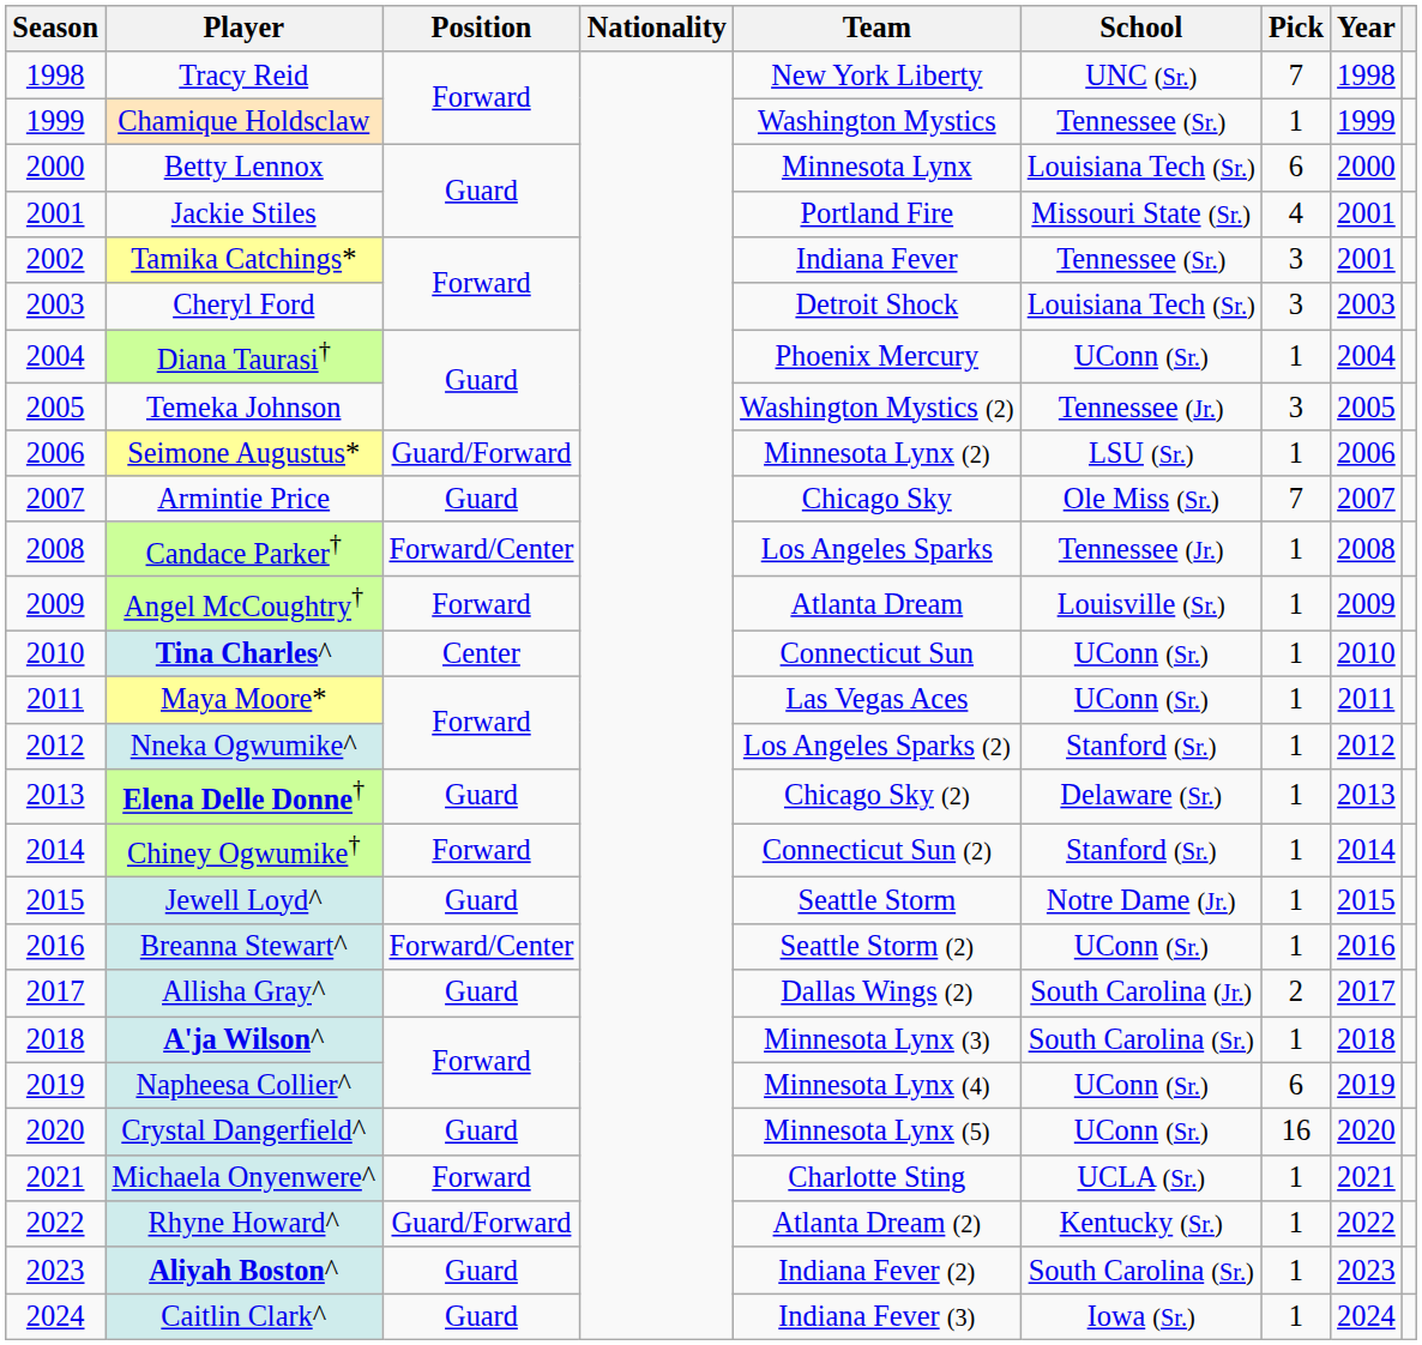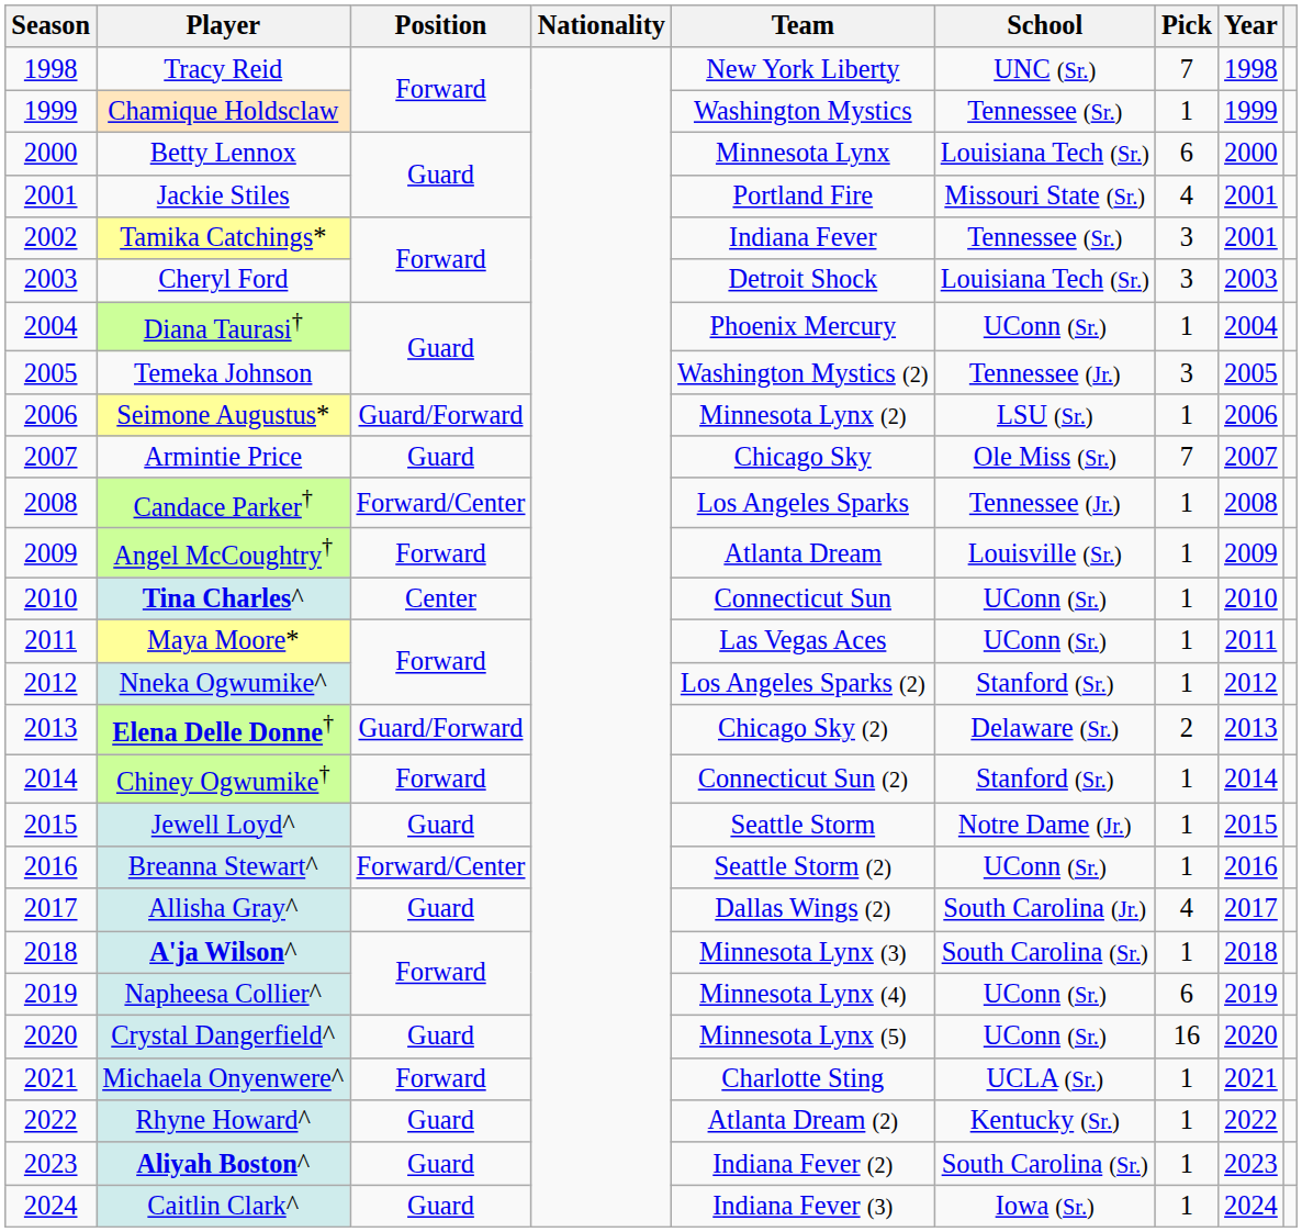 <table class="wikitable plainrowheaders sortable" style="text-align:center;">
 <tr>
 <th scope="col">Season</th>
 <th scope="col">Player</th>
 <th scope="col">Position</th>
 <th scope="col">Nationality</th>
 <th scope="col">Team</th>
 <th scope="col">School</th>
 <th scope="col">Pick</th>
 <th scope="col">Year</th>
 <th scope="col" class="unsortable"></th>
 </tr>
 <tr>
 <td><a href='#'>1998</a></td>
 <td><a href='#'>Tracy Reid</a></td>
 <td rowspan=2><a href='#'>Forward</a></td>
 <td rowspan=27></td>
 <td><a href='#'>New York Liberty</a></td>
 <td><a href='#'>UNC</a> <small>(<a href='#'>Sr.</a>)</small></td>
 <td>7</td>
 <td><a href='#'>1998</a></td>
 <td></td>
 </tr>
 <tr>
 <td><a href='#'>1999</a></td>
 <td style="background-color:#FFE6BD"><a href='#'>Chamique Holdsclaw</a></td>
 <td><a href='#'>Washington Mystics</a></td>
 <td><a href='#'>Tennessee</a> <small>(<a href='#'>Sr.</a>)</small></td>
 <td>1</td>
 <td><a href='#'>1999</a></td>
 <td></td>
 </tr>
 <tr>
 <td><a href='#'>2000</a></td>
 <td><a href='#'>Betty Lennox</a></td>
 <td rowspan=2><a href='#'>Guard</a></td>
 <td><a href='#'>Minnesota Lynx</a></td>
 <td><a href='#'>Louisiana Tech</a> <small>(<a href='#'>Sr.</a>)</small></td>
 <td>6</td>
 <td><a href='#'>2000</a></td>
 <td></td>
 </tr>
 <tr>
 <td><a href='#'>2001</a></td>
 <td><a href='#'>Jackie Stiles</a></td>
 <td><a href='#'>Portland Fire</a></td>
 <td><a href='#'>Missouri State</a> <small>(<a href='#'>Sr.</a>)</small></td>
 <td>4</td>
 <td><a href='#'>2001</a></td>
 <td></td>
 </tr>
 <tr>
 <td><a href='#'>2002</a></td>
 <td style="background-color:#FFFF99"><a href='#'>Tamika Catchings</a>*</td>
 <td rowspan=2><a href='#'>Forward</a></td>
 <td><a href='#'>Indiana Fever</a></td>
 <td><a href='#'>Tennessee</a> <small>(<a href='#'>Sr.</a>)</small></td>
 <td>3</td>
 <td><a href='#'>2001</a></td>
 <td></td>
 </tr>
 <tr>
 <td><a href='#'>2003</a></td>
 <td><a href='#'>Cheryl Ford</a></td>
 <td><a href='#'>Detroit Shock</a></td>
 <td><a href='#'>Louisiana Tech</a> <small>(<a href='#'>Sr.</a>)</small></td>
 <td>3</td>
 <td><a href='#'>2003</a></td>
 <td></td>
 </tr>
 <tr>
 <td><a href='#'>2004</a></td>
 <td style="background-color:#CCFF99"><a href='#'>Diana Taurasi</a><sup>†</sup></td>
 <td rowspan=2><a href='#'>Guard</a></td>
 <td><a href='#'>Phoenix Mercury</a></td>
 <td><a href='#'>UConn</a> <small>(<a href='#'>Sr.</a>)</small></td>
 <td>1</td>
 <td><a href='#'>2004</a></td>
 <td></td>
 </tr>
 <tr>
 <td><a href='#'>2005</a></td>
 <td><a href='#'>Temeka Johnson</a></td>
 <td><a href='#'>Washington Mystics</a>  <small>(2)</small></td>
 <td><a href='#'>Tennessee</a> <small>(<a href='#'>Jr.</a>)</small></td>
 <td>3</td>
 <td><a href='#'>2005</a></td>
 <td></td>
 </tr>
 <tr>
 <td><a href='#'>2006</a></td>
 <td style="background-color:#FFFF99"><a href='#'>Seimone Augustus</a>*</td>
 <td><a href='#'>Guard/Forward</a></td>
 <td><a href='#'>Minnesota Lynx</a>  <small>(2)</small></td>
 <td><a href='#'>LSU</a> <small>(<a href='#'>Sr.</a>)</small></td>
 <td>1</td>
 <td><a href='#'>2006</a></td>
 <td></td>
 </tr>
 <tr>
 <td><a href='#'>2007</a></td>
 <td><a href='#'>Armintie Price</a></td>
 <td><a href='#'>Guard</a></td>
 <td><a href='#'>Chicago Sky</a></td>
 <td><a href='#'>Ole Miss</a> <small>(<a href='#'>Sr.</a>)</small></td>
 <td>7</td>
 <td><a href='#'>2007</a></td>
 <td></td>
 </tr>
 <tr>
 <td><a href='#'>2008</a></td>
 <td style="background-color:#CCFF99"><a href='#'>Candace Parker</a><sup>†</sup></td>
 <td><a href='#'>Forward/Center</a></td>
 <td><a href='#'>Los Angeles Sparks</a></td>
 <td><a href='#'>Tennessee</a> <small>(<a href='#'>Jr.</a>)</small></td>
 <td>1</td>
 <td><a href='#'>2008</a></td>
 <td></td>
 </tr>
 <tr>
 <td><a href='#'>2009</a></td>
 <td style="background-color:#CCFF99"><a href='#'>Angel McCoughtry</a><sup>†</sup></td>
 <td><a href='#'>Forward</a></td>
 <td><a href='#'>Atlanta Dream</a></td>
 <td><a href='#'>Louisville</a> <small>(<a href='#'>Sr.</a>)</small></td>
 <td>1</td>
 <td><a href='#'>2009</a></td>
 <td></td>
 </tr>
 <tr>
 <td><a href='#'>2010</a></td>
 <td style="background-color:#CFECEC"><strong><a href='#'>Tina Charles</a></strong>^</td>
 <td><a href='#'>Center</a></td>
 <td><a href='#'>Connecticut Sun</a></td>
 <td><a href='#'>UConn</a> <small>(<a href='#'>Sr.</a>)</small></td>
 <td>1</td>
 <td><a href='#'>2010</a></td>
 <td></td>
 </tr>
 <tr>
 <td><a href='#'>2011</a></td>
 <td style="background-color:#FFFF99;"><a href='#'>Maya Moore</a>*</td>
 <td rowspan=2><a href='#'>Forward</a></td>
 <td><a href='#'>Las Vegas Aces</a></td>
 <td><a href='#'>UConn</a> <small>(<a href='#'>Sr.</a>)</small></td>
 <td>1</td>
 <td><a href='#'>2011</a></td>
 <td></td>
 </tr>
 <tr>
 <td><a href='#'>2012</a></td>
 <td style="background-color:#CFECEC"><a href='#'>Nneka Ogwumike</a>^</td>
 <td><a href='#'>Los Angeles Sparks</a>  <small>(2)</small></td>
 <td><a href='#'>Stanford</a> <small>(<a href='#'>Sr.</a>)</small></td>
 <td>1</td>
 <td><a href='#'>2012</a></td>
 <td></td>
 </tr>
 <tr>
 <td><a href='#'>2013</a></td>
 <td style="background-color:#CCFF99"><strong><a href='#'>Elena Delle Donne</a></strong><sup>†</sup></td>
-<td><a href='#'>Guard</a></td>
+<td><a href='#'>Guard/Forward</a></td>
 <td><a href='#'>Chicago Sky</a>  <small>(2)</small></td>
 <td><a href='#'>Delaware</a> <small>(<a href='#'>Sr.</a>)</small></td>
-<td>1</td>
+<td>2</td>
 <td><a href='#'>2013</a></td>
 <td></td>
 </tr>
 <tr>
 <td><a href='#'>2014</a></td>
 <td style="background-color:#CCFF99"><a href='#'>Chiney Ogwumike</a><sup>†</sup></td>
 <td><a href='#'>Forward</a></td>
 <td><a href='#'>Connecticut Sun</a>  <small>(2)</small></td>
 <td><a href='#'>Stanford</a> <small>(<a href='#'>Sr.</a>)</small></td>
 <td>1</td>
 <td><a href='#'>2014</a></td>
 <td></td>
 </tr>
 <tr>
 <td><a href='#'>2015</a></td>
 <td style="background-color:#CFECEC"><a href='#'>Jewell Loyd</a>^</td>
 <td><a href='#'>Guard</a></td>
 <td><a href='#'>Seattle Storm</a></td>
 <td><a href='#'>Notre Dame</a> <small>(<a href='#'>Jr.</a>)</small></td>
 <td>1</td>
 <td><a href='#'>2015</a></td>
 <td></td>
 </tr>
 <tr>
 <td><a href='#'>2016</a></td>
 <td style="background-color:#CFECEC"><a href='#'>Breanna Stewart</a>^</td>
 <td><a href='#'>Forward/Center</a></td>
 <td><a href='#'>Seattle Storm</a> <small>(2)</small></td>
 <td><a href='#'>UConn</a> <small>(<a href='#'>Sr.</a>)</small></td>
 <td>1</td>
 <td><a href='#'>2016</a></td>
 <td></td>
 </tr>
 <tr>
 <td><a href='#'>2017</a></td>
 <td style="background-color:#CFECEC"><a href='#'>Allisha Gray</a>^</td>
 <td><a href='#'>Guard</a></td>
 <td><a href='#'>Dallas Wings</a> <small>(2)</small></td>
 <td><a href='#'>South Carolina</a> <small>(<a href='#'>Jr.</a>)</small></td>
-<td>2</td>
+<td>4</td>
 <td><a href='#'>2017</a></td>
 <td></td>
 </tr>
 <tr>
 <td><a href='#'>2018</a></td>
 <td style="background-color:#CFECEC"><strong><a href='#'>A'ja Wilson</a></strong>^</td>
 <td rowspan=2><a href='#'>Forward</a></td>
 <td><a href='#'>Minnesota Lynx</a>  <small>(3)</small></td>
 <td><a href='#'>South Carolina</a> <small>(<a href='#'>Sr.</a>)</small></td>
 <td>1</td>
 <td><a href='#'>2018</a></td>
 <td></td>
 </tr>
 <tr>
 <td><a href='#'>2019</a></td>
 <td style="background-color:#CFECEC"><a href='#'>Napheesa Collier</a>^</td>
 <td><a href='#'>Minnesota Lynx</a> <small>(4)</small></td>
 <td><a href='#'>UConn</a> <small>(<a href='#'>Sr.</a>)</small></td>
 <td>6</td>
 <td><a href='#'>2019</a></td>
 <td></td>
 </tr>
 <tr>
 <td><a href='#'>2020</a></td>
 <td style="background-color:#CFECEC"><a href='#'>Crystal Dangerfield</a>^</td>
 <td><a href='#'>Guard</a></td>
 <td><a href='#'>Minnesota Lynx</a> <small>(5)</small></td>
 <td><a href='#'>UConn</a> <small>(<a href='#'>Sr.</a>)</small></td>
 <td>16</td>
 <td><a href='#'>2020</a></td>
 <td></td>
 </tr>
 <tr>
 <td><a href='#'>2021</a></td>
 <td style="background-color:#CFECEC"><a href='#'>Michaela Onyenwere</a>^</td>
 <td><a href='#'>Forward</a></td>
 <td><a href='#'>Charlotte Sting</a></td>
 <td><a href='#'>UCLA</a> <small>(<a href='#'>Sr.</a>)</small></td>
 <td>1</td>
 <td><a href='#'>2021</a></td>
 <td></td>
 </tr>
 <tr>
 <td><a href='#'>2022</a></td>
 <td style="background-color:#CFECEC"><a href='#'>Rhyne Howard</a>^</td>
-<td><a href='#'>Guard/Forward</a></td>
+<td><a href='#'>Guard</a></td>
 <td><a href='#'>Atlanta Dream</a> <small>(2)</small></td>
 <td><a href='#'>Kentucky</a> <small>(<a href='#'>Sr.</a>)</small></td>
 <td>1</td>
 <td><a href='#'>2022</a></td>
 <td></td>
 </tr>
 <tr>
 <td><a href='#'>2023</a></td>
 <td style="background-color:#CFECEC"><strong><a href='#'>Aliyah Boston</a></strong>^</td>
 <td><a href='#'>Guard</a></td>
 <td><a href='#'>Indiana Fever</a> <small>(2)</small></td>
 <td><a href='#'>South Carolina</a> <small>(<a href='#'>Sr.</a>)</small></td>
 <td>1</td>
 <td><a href='#'>2023</a></td>
 <td></td>
 </tr>
 <tr>
 <td><a href='#'>2024</a></td>
 <td style="background-color:#CFECEC"><a href='#'>Caitlin Clark</a>^</td>
 <td><a href='#'>Guard</a></td>
 <td><a href='#'>Indiana Fever</a> <small>(3)</small></td>
 <td><a href='#'>Iowa</a> <small>(<a href='#'>Sr.</a>)</small></td>
 <td>1</td>
 <td><a href='#'>2024</a></td>
 <td></td>
 </tr>
 </table>
